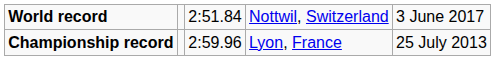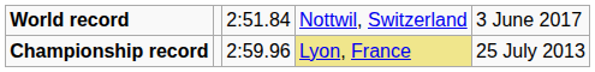 <table class="wikitable">
 <tr>
 <td><strong>World record</strong></td>
 <td></td>
 <td>2:51.84</td>
 <td><a href='#'>Nottwil</a>, <a href='#'>Switzerland</a></td>
 <td>3 June 2017</td>
 </tr>
 <tr>
 <td><strong>Championship record</strong></td>
 <td></td>
 <td>2:59.96</td>
-<td><a href='#'>Lyon</a>, <a href='#'>France</a></td>
+<td style="background: khaki;"><a href='#'>Lyon</a>, <a href='#'>France</a></td>
 <td>25 July 2013</td>
 </tr>
 </table>
